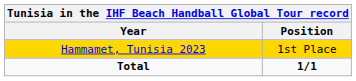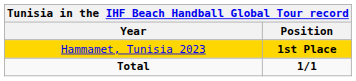 <table class="wikitable" style="text-align: center;">
 <tr>
 <th colspan=2>Tunisia in the <a href='#'>IHF Beach Handball Global Tour record</a></th>
 </tr>
 <tr>
 <th>Year</th>
 <th width="100">Position</th>
 </tr>
 <tr bgcolor=gold>
 <td> <a href='#'>Hammamet, Tunisia 2023</a></td>
-<td>1st Place</td>
+<td><strong>1st Place</strong></td>
 </tr>
 <tr>
 <td><strong>Total</strong></td>
 <td><strong>1/1</strong></td>
 </tr>
 </table>
